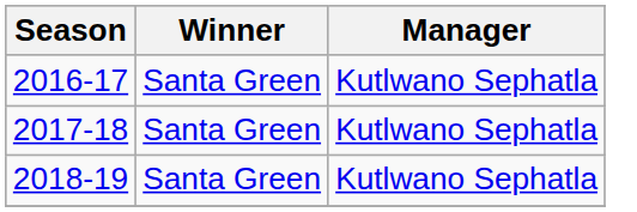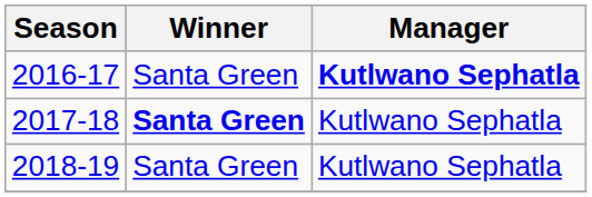 <table class="wikitable sortable">
 <tr>
 <th>Season</th>
 <th>Winner</th>
 <th>Manager</th>
 </tr>
 <tr>
 <td><a href='#'>2016-17</a></td>
 <td><a href='#'>Santa Green</a></td>
-<td> <a href='#'>Kutlwano Sephatla</a></td>
+<td><strong> <a href='#'>Kutlwano Sephatla</a></strong></td>
 </tr>
 <tr>
 <td><a href='#'>2017-18</a></td>
-<td><a href='#'>Santa Green</a></td>
+<td><strong><a href='#'>Santa Green</a></strong></td>
 <td><a href='#'>Kutlwano Sephatla</a></td>
 </tr>
 <tr>
 <td><a href='#'>2018-19</a></td>
 <td><a href='#'>Santa Green</a></td>
 <td><a href='#'>Kutlwano Sephatla</a></td>
 </tr>
 <tr>
 </tr>
 </table>
